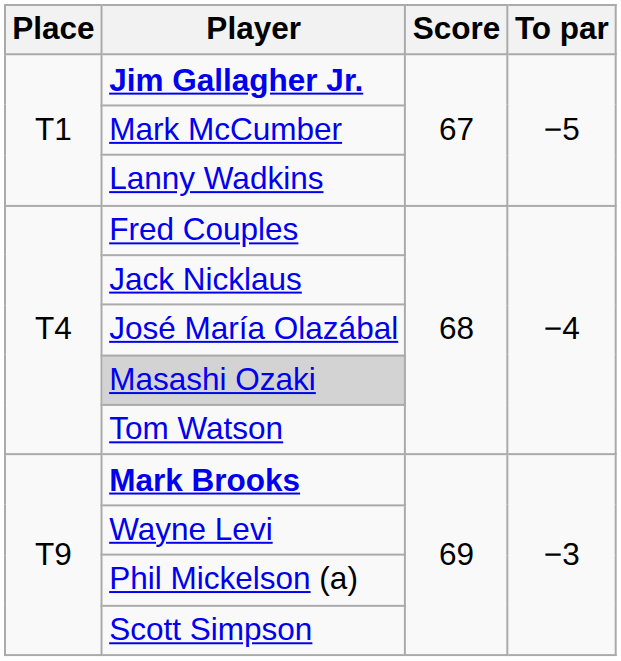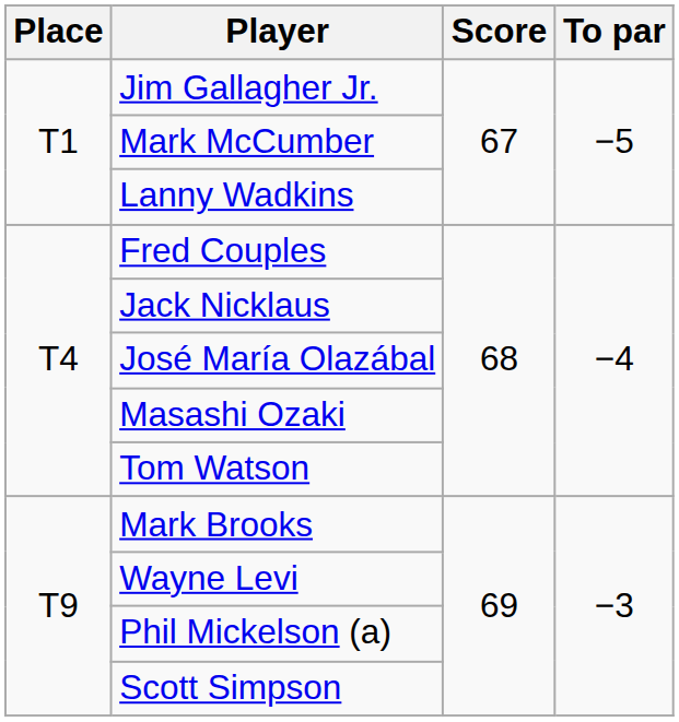 <table class="wikitable">
 <tr>
 <th>Place</th>
 <th>Player</th>
 <th>Score</th>
 <th>To par</th>
 </tr>
 <tr>
 <td rowspan="3" align=center>T1</td>
-<td><strong> <a href='#'>Jim Gallagher Jr.</a></strong></td>
+<td> <a href='#'>Jim Gallagher Jr.</a></td>
 <td rowspan="3" align=center>67</td>
 <td rowspan="3" align=center>−5</td>
 </tr>
 <tr>
 <td> <a href='#'>Mark McCumber</a></td>
 </tr>
 <tr>
 <td> <a href='#'>Lanny Wadkins</a></td>
 </tr>
 <tr>
 <td rowspan="5" align=center>T4</td>
 <td> <a href='#'>Fred Couples</a></td>
 <td rowspan="5" align=center>68</td>
 <td rowspan="5" align=center>−4</td>
 </tr>
 <tr>
 <td> <a href='#'>Jack Nicklaus</a></td>
 </tr>
 <tr>
 <td> <a href='#'>José María Olazábal</a></td>
 </tr>
 <tr>
-<td style="background: lightgrey;"> <a href='#'>Masashi Ozaki</a></td>
+<td> <a href='#'>Masashi Ozaki</a></td>
 </tr>
 <tr>
 <td> <a href='#'>Tom Watson</a></td>
 </tr>
 <tr>
 <td rowspan="4" align=center>T9</td>
-<td><strong> <a href='#'>Mark Brooks</a></strong></td>
+<td> <a href='#'>Mark Brooks</a></td>
 <td rowspan="4" align=center>69</td>
 <td rowspan="4" align=center>−3</td>
 </tr>
 <tr>
 <td> <a href='#'>Wayne Levi</a></td>
 </tr>
 <tr>
 <td> <a href='#'>Phil Mickelson</a> (a)</td>
 </tr>
 <tr>
 <td> <a href='#'>Scott Simpson</a></td>
 </tr>
 </table>
